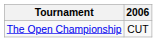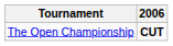 <table class="wikitable" style="font-size:95%;text-align:center;">
 <tr>
 <th>Tournament</th>
 <th>2006</th>
 </tr>
 <tr>
 <td align=left><a href='#'>The Open Championship</a></td>
-<td>CUT</td>
+<td><strong>CUT</strong></td>
 </tr>
 </table>
